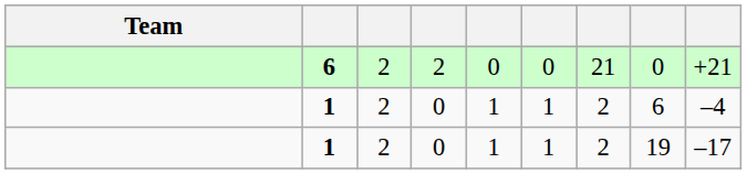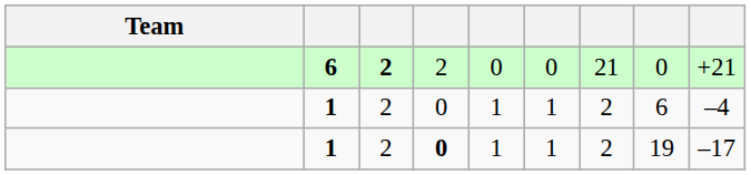 <table class="wikitable" style="text-align: center; font-size: 90%;">
 <tr>
 <th width="165">Team</th>
 <th width="25"></th>
 <th width="25"></th>
 <th width="25"></th>
 <th width="25"></th>
 <th width="25"></th>
 <th width="25"></th>
 <th width="25"></th>
 <th width="25"></th>
 </tr>
 <tr bgcolor=#ccffcc>
 <td align=left></td>
 <td><strong>6</strong></td>
-<td>2</td>
+<td><strong>2</strong></td>
 <td>2</td>
 <td>0</td>
 <td>0</td>
 <td>21</td>
 <td>0</td>
 <td>+21</td>
 </tr>
 <tr>
 <td align=left></td>
 <td><strong>1</strong></td>
 <td>2</td>
 <td>0</td>
 <td>1</td>
 <td>1</td>
 <td>2</td>
 <td>6</td>
 <td>–4</td>
 </tr>
 <tr>
 <td align=left></td>
 <td><strong>1</strong></td>
 <td>2</td>
-<td>0</td>
+<td><strong>0</strong></td>
 <td>1</td>
 <td>1</td>
 <td>2</td>
 <td>19</td>
 <td>–17</td>
 </tr>
 </table>
